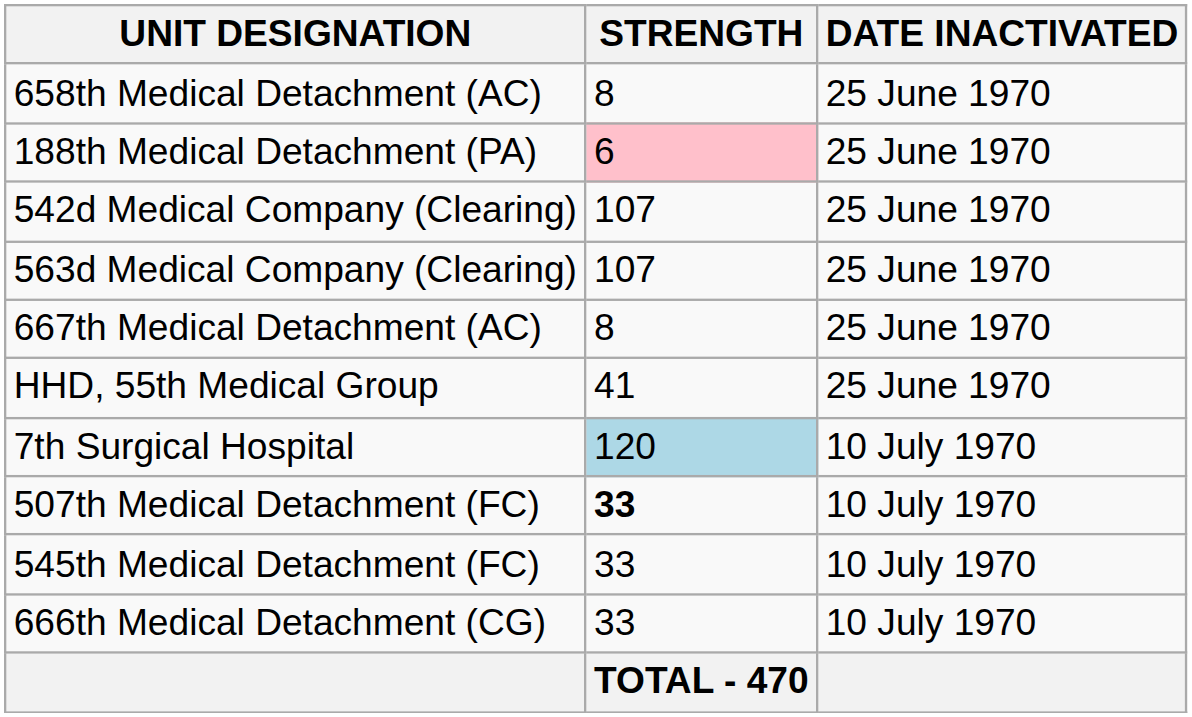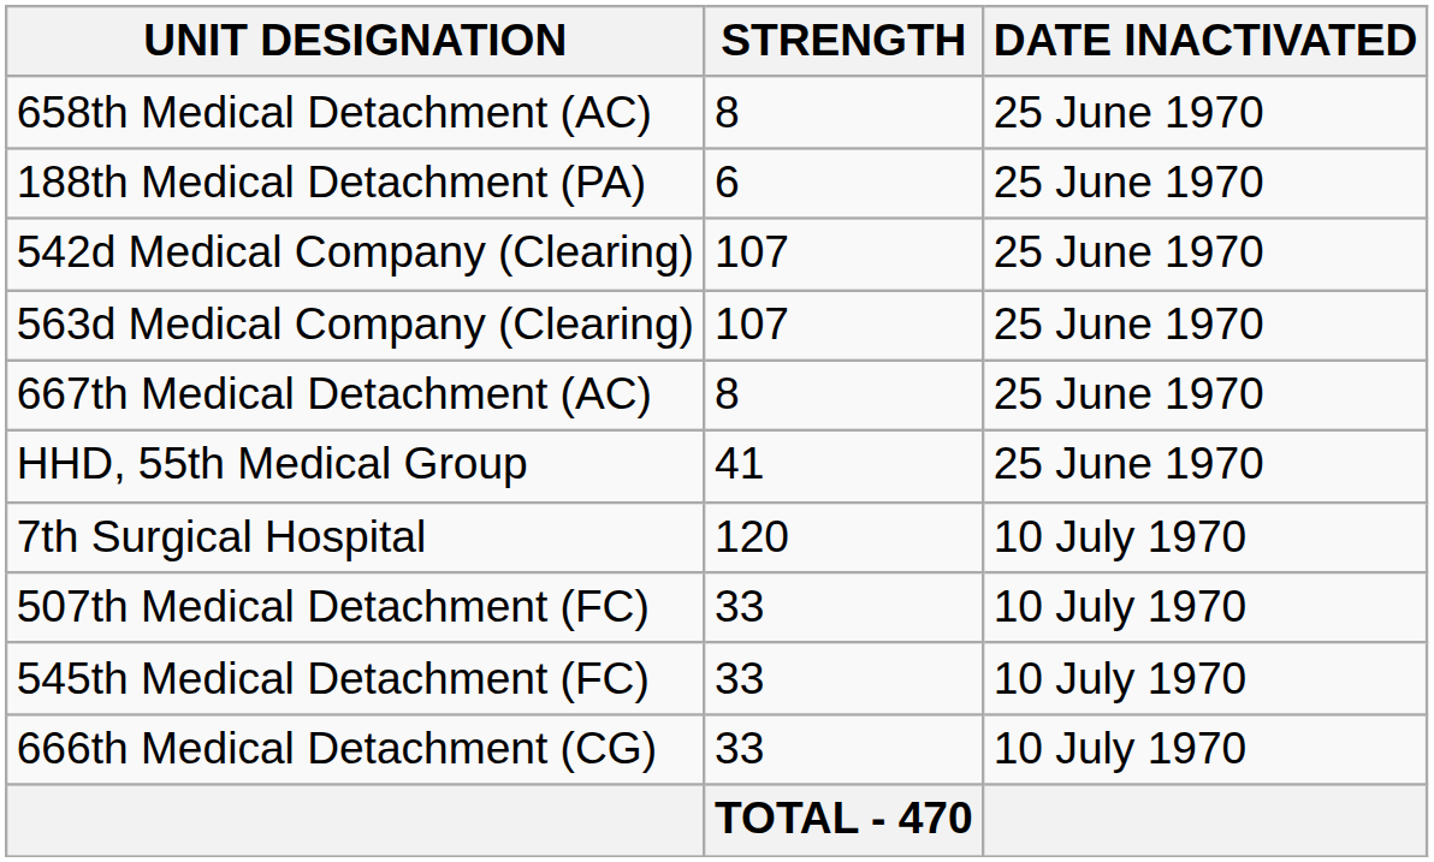 <table class="wikitable">
 <tr>
 <th>UNIT DESIGNATION</th>
 <th>STRENGTH</th>
 <th>DATE INACTIVATED</th>
 </tr>
 <tr>
 <td>658th Medical Detachment (AC)</td>
 <td>8</td>
 <td>25 June 1970</td>
 </tr>
 <tr>
 <td>188th Medical Detachment (PA)</td>
-<td style="background: pink;">6</td>
+<td>6</td>
 <td>25 June 1970</td>
 </tr>
 <tr>
 <td>542d Medical Company (Clearing)</td>
 <td>107</td>
 <td>25 June 1970</td>
 </tr>
 <tr>
 <td>563d Medical Company (Clearing)</td>
 <td>107</td>
 <td>25 June 1970</td>
 </tr>
 <tr>
 <td>667th Medical Detachment (AC)</td>
 <td>8</td>
 <td>25 June 1970</td>
 </tr>
 <tr>
 <td>HHD, 55th Medical Group</td>
 <td>41</td>
 <td>25 June 1970</td>
 </tr>
 <tr>
 <td>7th Surgical Hospital</td>
-<td style="background: lightblue;">120</td>
+<td>120</td>
 <td>10 July 1970</td>
 </tr>
 <tr>
 <td>507th Medical Detachment (FC)</td>
-<td><strong>33</strong></td>
+<td>33</td>
 <td>10 July 1970</td>
 </tr>
 <tr>
 <td>545th Medical Detachment (FC)</td>
 <td>33</td>
 <td>10 July 1970</td>
 </tr>
 <tr>
 <td>666th Medical Detachment (CG)</td>
 <td>33</td>
 <td>10 July 1970</td>
 </tr>
 <tr>
 <th></th>
 <th>TOTAL - 470</th>
 <th></th>
 </tr>
 <tr>
 </tr>
 </table>
